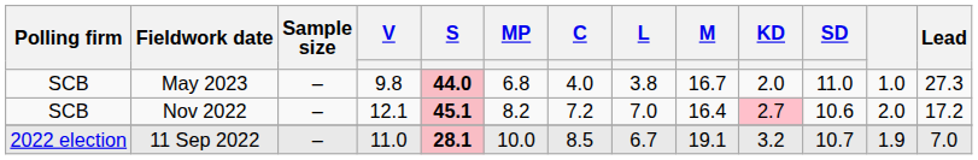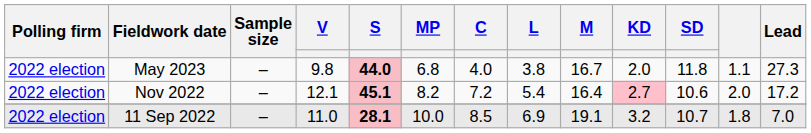 <table class="wikitable sortable" style="text-align:center;font-size:90%;line-height:14px;">
 <tr style="height:40px;">
 <th rowspan="2">Polling firm</th>
 <th rowspan="2">Fieldwork date</th>
 <th rowspan="2">Sample<br>size</th>
 <th class="sortable" style="width:40px;"><a href='#'>V</a></th>
 <th class="sortable" style="width:40px;"><a href='#'>S</a></th>
 <th class="sortable" style="width:40px;"><a href='#'>MP</a></th>
 <th class="sortable" style="width:40px;"><a href='#'>C</a></th>
 <th class="sortable" style="width:40px;"><a href='#'>L</a></th>
 <th class="sortable" style="width:40px;"><a href='#'>M</a></th>
 <th class="sortable" style="width:40px;"><a href='#'>KD</a></th>
 <th class="sortable" style="width:40px;"><a href='#'>SD</a></th>
 <th class="sortable" style="width:30px;" rowspan="2"></th>
 <th style="width:30px;" rowspan="2">Lead</th>
 </tr>
 <tr>
 <th style="background:"></th>
 <th style="background:"></th>
 <th style="background:"></th>
 <th style="background:"></th>
 <th style="background:"></th>
 <th style="background:"></th>
 <th style="background:"></th>
 <th style="background:"></th>
 </tr>
 <tr>
-<td>SCB</td>
+<td><a href='#'>2022 election</a></td>
 <td>May 2023</td>
 <td>–</td>
 <td>9.8</td>
 <td style="background:#F9BDC5;"><strong>44.0</strong></td>
 <td>6.8</td>
 <td>4.0</td>
 <td>3.8</td>
 <td>16.7</td>
 <td>2.0</td>
-<td>11.0</td>
-<td>1.0</td>
+<td>11.8</td>
+<td>1.1</td>
 <td style="background:">27.3</td>
 </tr>
 <tr>
-<td>SCB</td>
+<td><a href='#'>2022 election</a></td>
 <td>Nov 2022</td>
 <td>–</td>
 <td>12.1</td>
 <td style="background:#F9BDC5;"><strong>45.1</strong></td>
 <td>8.2</td>
 <td>7.2</td>
-<td>7.0</td>
+<td>5.4</td>
 <td>16.4</td>
 <td style="background: pink;">2.7</td>
 <td>10.6</td>
 <td>2.0</td>
 <td style="background:">17.2</td>
 </tr>
 <tr>
 </tr>
 <tr style="background:#E9E9E9;">
 <td><a href='#'>2022 election</a></td>
 <td data-sort-value="2018-09-09">11 Sep 2022</td>
 <td>–</td>
 <td>11.0</td>
 <td style="background:#F9BDC5;"><strong>28.1</strong></td>
 <td>10.0</td>
 <td>8.5</td>
-<td>6.7</td>
+<td>6.9</td>
 <td>19.1</td>
 <td>3.2</td>
 <td>10.7</td>
-<td>1.9</td>
+<td>1.8</td>
 <td style="background:">7.0</td>
 </tr>
 </table>
